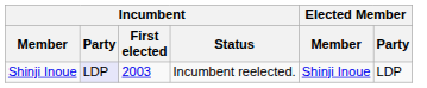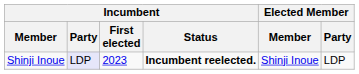 <table class="wikitable sortable">
 <tr>
 <th colspan=4>Incumbent</th>
 <th colspan=2>Elected Member</th>
 </tr>
 <tr>
 <th>Member</th>
 <th>Party</th>
 <th>First<br>elected</th>
 <th>Status</th>
 <th>Member</th>
 <th>Party</th>
 </tr>
 <tr>
 <td><a href='#'>Shinji Inoue</a></td>
 <td style="background: lavender;">LDP</td>
-<td><a href='#'>2003</a></td>
-<td>Incumbent reelected.</td>
+<td><a href='#'>2023</a></td>
+<td><strong>Incumbent reelected.</strong></td>
 <td><a href='#'>Shinji Inoue</a></td>
 <td>LDP</td>
 </tr>
 </table>
